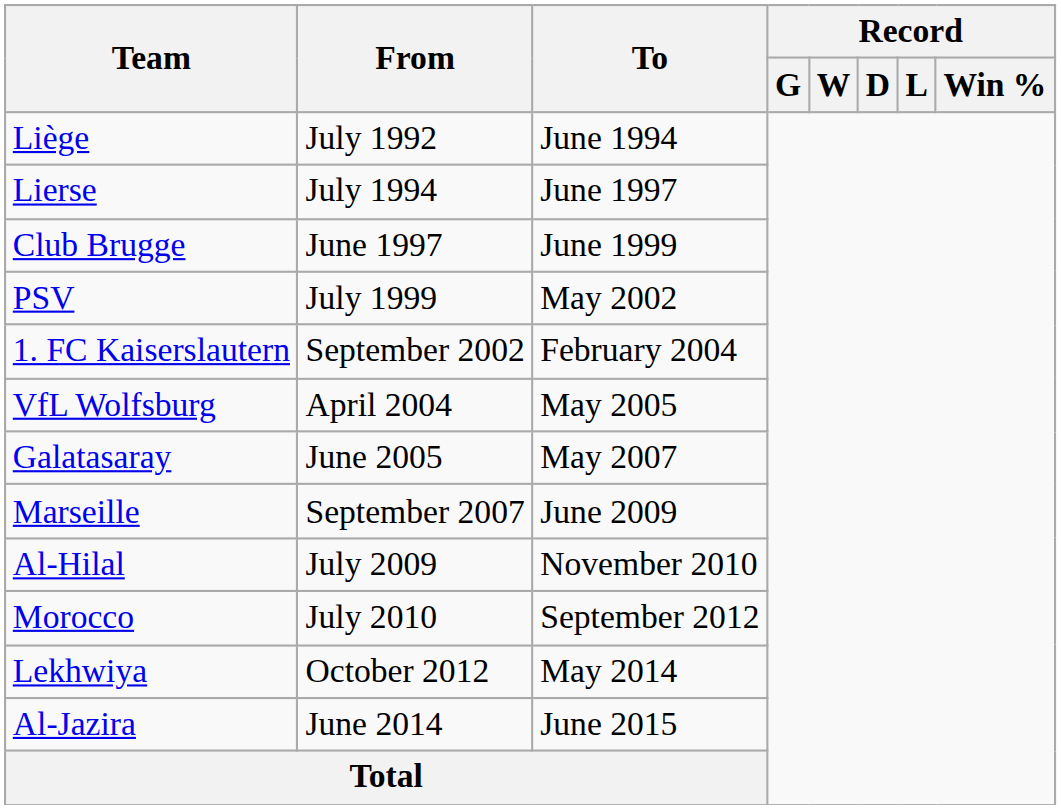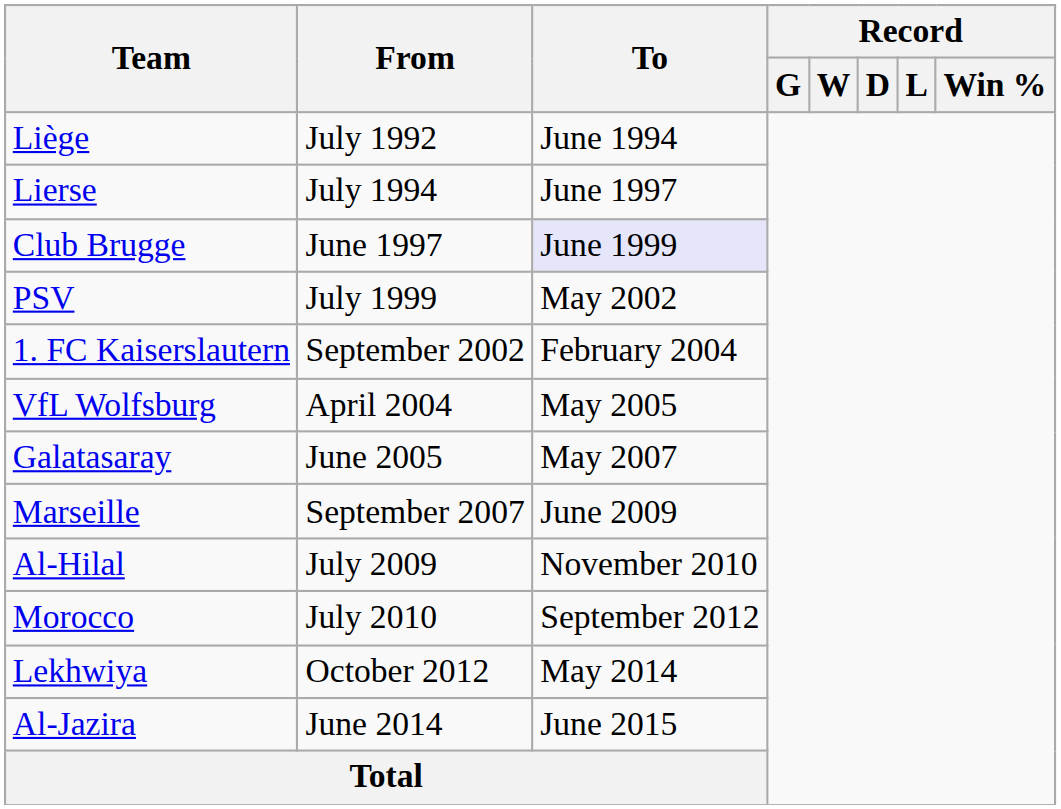 <table class="wikitable" style="text-align: center">
 <tr>
 <th rowspan=2>Team</th>
 <th rowspan=2>From</th>
 <th rowspan=2>To</th>
 <th colspan=5>Record</th>
 </tr>
 <tr>
 <th>G</th>
 <th>W</th>
 <th>D</th>
 <th>L</th>
 <th>Win %</th>
 </tr>
 <tr>
 <td align=left><a href='#'>Liège</a></td>
 <td align=left>July 1992</td>
 <td align=left>June 1994<br></td>
 </tr>
 <tr>
 <td align=left><a href='#'>Lierse</a></td>
 <td align=left>July 1994</td>
 <td align=left>June 1997<br></td>
 </tr>
 <tr>
 <td align=left><a href='#'>Club Brugge</a></td>
 <td align=left>June 1997</td>
-<td align=left>June 1999<br></td>
+<td align=left style="background: lavender;">June 1999<br></td>
 </tr>
 <tr>
 <td align=left><a href='#'>PSV</a></td>
 <td align=left>July 1999</td>
 <td align=left>May 2002<br></td>
 </tr>
 <tr>
 <td align=left><a href='#'>1. FC Kaiserslautern</a></td>
 <td align=left>September 2002</td>
 <td align=left>February 2004<br></td>
 </tr>
 <tr>
 <td align=left><a href='#'>VfL Wolfsburg</a></td>
 <td align=left>April 2004</td>
 <td align=left>May 2005<br></td>
 </tr>
 <tr>
 <td align=left><a href='#'>Galatasaray</a></td>
 <td align=left>June 2005</td>
 <td align=left>May 2007<br></td>
 </tr>
 <tr>
 <td align=left><a href='#'>Marseille</a></td>
 <td align=left>September 2007</td>
 <td align=left>June 2009<br></td>
 </tr>
 <tr>
 <td align=left><a href='#'>Al-Hilal</a></td>
 <td align=left>July 2009</td>
 <td align=left>November 2010<br></td>
 </tr>
 <tr>
 <td align=left><a href='#'>Morocco</a></td>
 <td align=left>July 2010</td>
 <td align=left>September 2012<br></td>
 </tr>
 <tr>
 <td align=left><a href='#'>Lekhwiya</a></td>
 <td align=left>October 2012</td>
 <td align=left>May 2014<br></td>
 </tr>
 <tr>
 <td align=left><a href='#'>Al-Jazira</a></td>
 <td align=left>June 2014</td>
 <td align=left>June 2015<br></td>
 </tr>
 <tr>
 <th colspan=3 style="text-align:center; vertical-align:middle;">Total<br> </th>
 </tr>
 </table>
